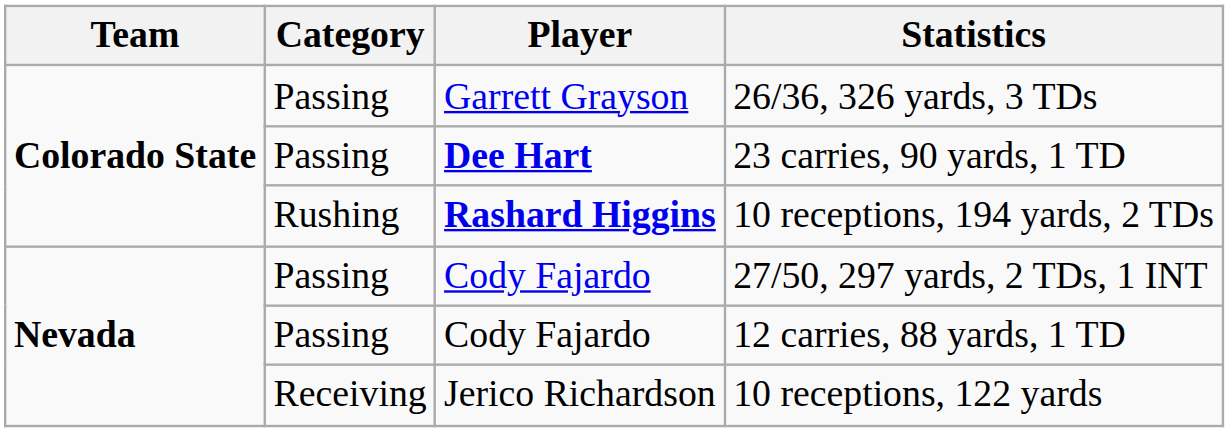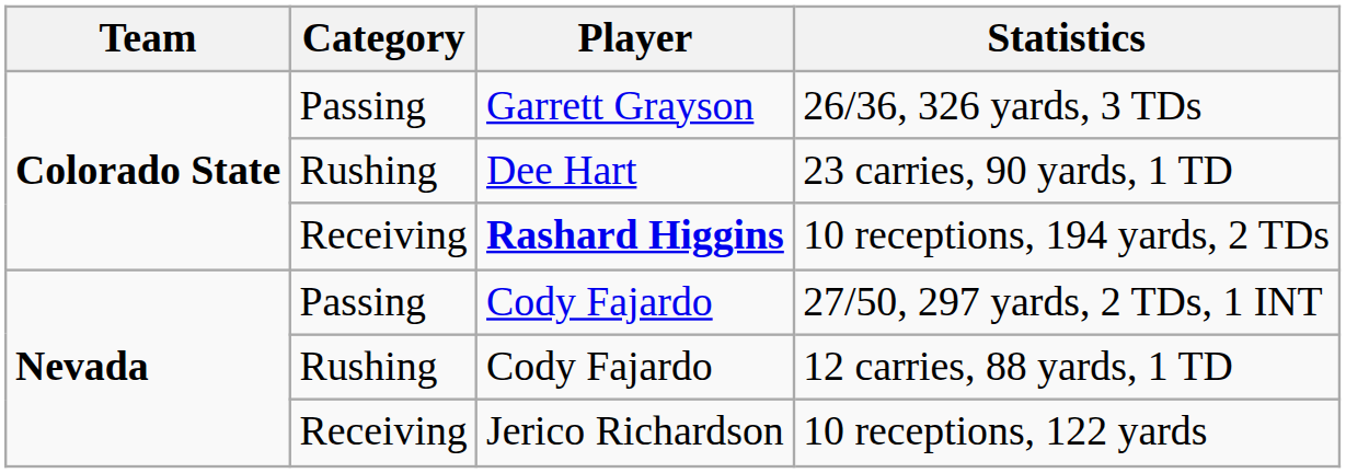 <table class="wikitable" style="float: left;">
 <tr>
 <th>Team</th>
 <th>Category</th>
 <th>Player</th>
 <th>Statistics</th>
 </tr>
 <tr>
 <td rowspan=3><strong>Colorado State</strong></td>
 <td>Passing</td>
 <td><a href='#'>Garrett Grayson</a></td>
 <td>26/36, 326 yards, 3 TDs</td>
 </tr>
 <tr>
-<td>Passing</td>
-<td><strong><a href='#'>Dee Hart</a></strong></td>
+<td>Rushing</td>
+<td><a href='#'>Dee Hart</a></td>
 <td>23 carries, 90 yards, 1 TD</td>
 </tr>
 <tr>
-<td>Rushing</td>
+<td>Receiving</td>
 <td><strong><a href='#'>Rashard Higgins</a></strong></td>
 <td>10 receptions, 194 yards, 2 TDs</td>
 </tr>
 <tr>
 <td rowspan=3><strong>Nevada</strong></td>
 <td>Passing</td>
 <td><a href='#'>Cody Fajardo</a></td>
 <td>27/50, 297 yards, 2 TDs, 1 INT</td>
 </tr>
 <tr>
-<td>Passing</td>
+<td>Rushing</td>
 <td>Cody Fajardo</td>
 <td>12 carries, 88 yards, 1 TD</td>
 </tr>
 <tr>
 <td>Receiving</td>
 <td>Jerico Richardson</td>
 <td>10 receptions, 122 yards</td>
 </tr>
 </table>
